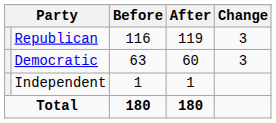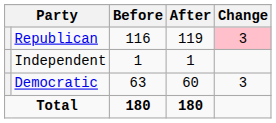 <table class="wikitable" style="text-align:center;">
 <tr>
 </tr>
 <tr>
 <th colspan=2>Party</th>
 <th>Before</th>
 <th>After</th>
 <th>Change</th>
 </tr>
 <tr>
 <th style="background-color:"></th>
 <td style="text-align:left;"><a href='#'>Republican</a></td>
 <td>116</td>
 <td>119</td>
-<td> 3</td>
+<td style="background: pink;"> 3</td>
+</tr>
+<tr>
+<th style="background-color:"></th>
+<td style="text-align:left;">Independent</td>
+<td>1</td>
+<td>1</td>
+<td></td>
 </tr>
 <tr>
 <th style="background-color:"></th>
 <td style="text-align:left;"><a href='#'>Democratic</a></td>
 <td>63</td>
 <td>60</td>
 <td> 3</td>
 </tr>
 <tr>
-<th style="background-color:"></th>
-<td style="text-align:left;">Independent</td>
-<td>1</td>
-<td>1</td>
-<td></td>
-</tr>
-<tr>
 <td colspan=2><strong>Total</strong></td>
 <td><strong>180</strong></td>
 <td><strong>180</strong></td>
 <td></td>
 </tr>
 </table>
